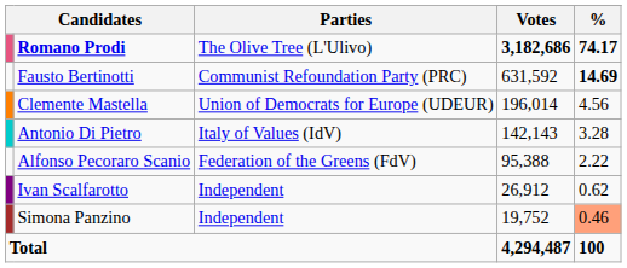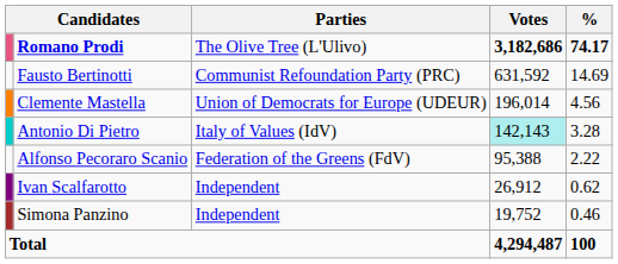 <table class="wikitable" style="font-size:95%">
 <tr>
 <th rowspan="2" colspan="2" align="left">Candidates</th>
 <th rowspan="2" align="left">Parties</th>
 </tr>
 <tr>
 <th width="60">Votes</th>
 <th width="30">%</th>
 </tr>
 <tr>
 <td style="color:inherit;background:#E75480"></td>
 <td align="left"><strong><a href='#'>Romano Prodi</a></strong></td>
 <td align="left"><a href='#'>The Olive Tree</a> (L'Ulivo)</td>
 <td><strong>3,182,686</strong></td>
 <td><strong>74.17</strong></td>
 </tr>
 <tr>
 <td style="color:inherit;background:"></td>
 <td align="left"><a href='#'>Fausto Bertinotti</a></td>
 <td align="left"><a href='#'>Communist Refoundation Party</a> (PRC)</td>
 <td>631,592</td>
-<td><strong>14.69</strong></td>
+<td>14.69</td>
 </tr>
 <tr>
 <td style="color:inherit;background:#FF7F00"></td>
 <td align="left"><a href='#'>Clemente Mastella</a></td>
 <td align="left"><a href='#'>Union of Democrats for Europe</a> (UDEUR)</td>
 <td>196,014</td>
 <td>4.56</td>
 </tr>
 <tr>
 <td style="color:inherit;background:#00CCCC"></td>
 <td align="left"><a href='#'>Antonio Di Pietro</a></td>
 <td align="left"><a href='#'>Italy of Values</a> (IdV)</td>
-<td>142,143</td>
+<td style="background: paleturquoise;">142,143</td>
 <td>3.28</td>
 </tr>
 <tr>
 <td style="color:inherit;background:"></td>
 <td align="left"><a href='#'>Alfonso Pecoraro Scanio</a></td>
 <td align="left"><a href='#'>Federation of the Greens</a> (FdV)</td>
 <td>95,388</td>
 <td>2.22</td>
 </tr>
 <tr>
 <td bgcolor="purple"></td>
 <td align="left"><a href='#'>Ivan Scalfarotto</a></td>
 <td align="left"><a href='#'>Independent</a></td>
 <td>26,912</td>
 <td>0.62</td>
 </tr>
 <tr>
 <td bgcolor="brown"></td>
 <td align="left">Simona Panzino</td>
 <td align="left"><a href='#'>Independent</a></td>
 <td>19,752</td>
-<td style="background: lightsalmon;">0.46</td>
+<td>0.46</td>
 </tr>
 <tr>
 <td colspan="3" align="left"><strong>Total</strong></td>
 <td><strong>4,294,487</strong></td>
 <td><strong>100</strong></td>
 </tr>
 </table>
